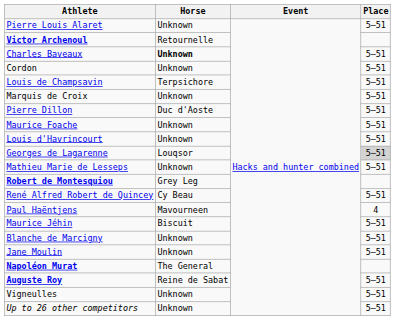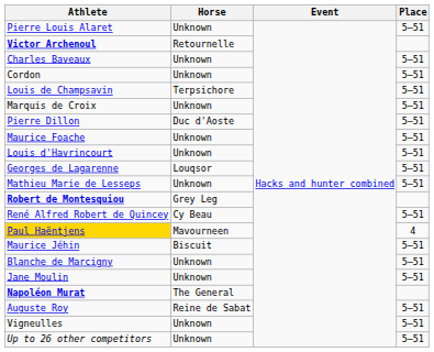 <table class="wikitable sortable" style="text-align:center; font-size:90%">
 <tr>
 <th>Athlete</th>
 <th>Horse</th>
 <th>Event</th>
 <th>Place</th>
 </tr>
 <tr>
 <td align=left><a href='#'>Pierre Louis Alaret</a></td>
 <td align=left>Unknown</td>
 <td rowspan=21 align=left><a href='#'>Hacks and hunter combined</a></td>
 <td>5–51</td>
 </tr>
 <tr>
 <td align=left><strong><a href='#'>Victor Archenoul</a></strong></td>
 <td align=left>Retournelle</td>
 <td></td>
 </tr>
 <tr>
 <td align=left><a href='#'>Charles Baveaux</a></td>
-<td align=left><strong>Unknown</strong></td>
+<td align=left>Unknown</td>
 <td>5–51</td>
 </tr>
 <tr>
 <td align=left>Cordon</td>
 <td align=left>Unknown</td>
 <td>5–51</td>
 </tr>
 <tr>
 <td align=left><a href='#'>Louis de Champsavin</a></td>
 <td align=left>Terpsichore</td>
 <td>5–51</td>
 </tr>
 <tr>
 <td align=left>Marquis de Croix</td>
 <td align=left>Unknown</td>
 <td>5–51</td>
 </tr>
 <tr>
 <td align=left><a href='#'>Pierre Dillon</a></td>
 <td align=left>Duc d'Aoste</td>
 <td>5–51</td>
 </tr>
 <tr>
 <td align=left><a href='#'>Maurice Foache</a></td>
 <td align=left>Unknown</td>
 <td>5–51</td>
 </tr>
 <tr>
 <td align=left><a href='#'>Louis d'Havrincourt</a></td>
 <td align=left>Unknown</td>
 <td>5–51</td>
 </tr>
 <tr>
 <td align=left><a href='#'>Georges de Lagarenne</a></td>
 <td align=left>Louqsor</td>
-<td style="background: lightgrey;">5–51</td>
+<td>5–51</td>
 </tr>
 <tr>
 <td align=left><a href='#'>Mathieu Marie de Lesseps</a></td>
 <td align=left>Unknown</td>
 <td>5–51</td>
 </tr>
 <tr>
 <td align=left><strong><a href='#'>Robert de Montesquiou</a></strong></td>
 <td align=left>Grey Leg</td>
 <td></td>
 </tr>
 <tr>
 <td align=left><a href='#'>René Alfred Robert de Quincey</a></td>
 <td align=left>Cy Beau</td>
 <td>5–51</td>
 </tr>
 <tr>
-<td align=left><a href='#'>Paul Haëntjens</a></td>
+<td align=left style="background: gold;"><a href='#'>Paul Haëntjens</a></td>
 <td align=left>Mavourneen</td>
 <td>4</td>
 </tr>
 <tr>
 <td align=left><a href='#'>Maurice Jéhin</a></td>
 <td align=left>Biscuit</td>
 <td>5–51</td>
 </tr>
 <tr>
 <td align=left><a href='#'>Blanche de Marcigny</a></td>
 <td align=left>Unknown</td>
 <td>5–51</td>
 </tr>
 <tr>
 <td align=left><a href='#'>Jane Moulin</a></td>
 <td align=left>Unknown</td>
 <td>5–51</td>
 </tr>
 <tr>
 <td align=left><strong><a href='#'>Napoléon Murat</a></strong></td>
 <td align=left>The General</td>
 <td></td>
 </tr>
 <tr>
-<td align=left><strong><a href='#'>Auguste Roy</a></strong></td>
+<td align=left><a href='#'>Auguste Roy</a></td>
 <td align=left>Reine de Sabat</td>
 <td>5–51</td>
 </tr>
 <tr>
 <td align=left>Vigneulles</td>
 <td align=left>Unknown</td>
 <td>5–51</td>
 </tr>
 <tr>
 <td align=left><em>Up to 26 other competitors</em></td>
 <td align=left>Unknown</td>
 <td>5–51</td>
 </tr>
 </table>
